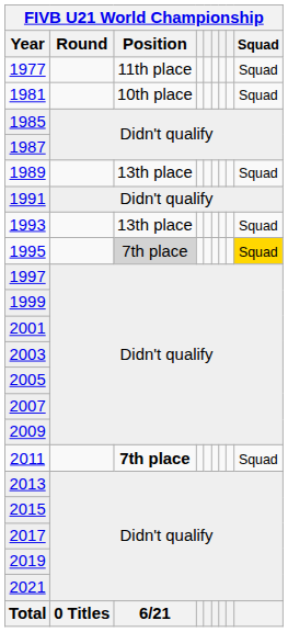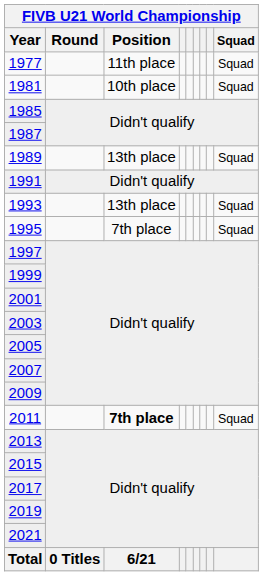 <table class="wikitable" style="text-align: center;">
 <tr>
 <th colspan=9><a href='#'>FIVB U21 World Championship</a></th>
 </tr>
 <tr>
 <th>Year</th>
 <th>Round</th>
 <th>Position</th>
 <th></th>
 <th></th>
 <th></th>
 <th></th>
 <th></th>
 <th><small>Squad</small></th>
 </tr>
 <tr bgcolor=>
 <td> <a href='#'>1977</a></td>
 <td></td>
 <td>11th place</td>
 <td></td>
 <td></td>
 <td></td>
 <td></td>
 <td></td>
 <td><small>Squad</small></td>
 </tr>
 <tr bgcolor=>
 <td> <a href='#'>1981</a></td>
 <td></td>
 <td>10th place</td>
 <td></td>
 <td></td>
 <td></td>
 <td></td>
 <td></td>
 <td><small>Squad</small></td>
 </tr>
 <tr bgcolor="efefef">
 <td> <a href='#'>1985</a></td>
 <td colspan=9 rowspan=2>Didn't qualify</td>
 </tr>
 <tr bgcolor="efefef">
 <td> <a href='#'>1987</a></td>
 </tr>
 <tr bgcolor=>
 <td> <a href='#'>1989</a></td>
 <td></td>
 <td>13th place</td>
 <td></td>
 <td></td>
 <td></td>
 <td></td>
 <td></td>
 <td><small>Squad</small></td>
 </tr>
 <tr bgcolor="efefef">
 <td> <a href='#'>1991</a></td>
 <td colspan=9>Didn't qualify</td>
 </tr>
 <tr bgcolor=>
 <td> <a href='#'>1993</a></td>
 <td></td>
 <td>13th place</td>
 <td></td>
 <td></td>
 <td></td>
 <td></td>
 <td></td>
 <td><small>Squad</small></td>
 </tr>
 <tr>
 <td> <a href='#'>1995</a></td>
 <td></td>
-<td style="background: lightgrey;">7th place</td>
+<td>7th place</td>
 <td></td>
 <td></td>
 <td></td>
 <td></td>
 <td></td>
-<td style="background: gold;"><small>Squad</small></td>
+<td><small>Squad</small></td>
 </tr>
 <tr bgcolor="efefef">
 <td> <a href='#'>1997</a></td>
 <td colspan=9 rowspan=7>Didn't qualify</td>
 </tr>
 <tr bgcolor="efefef">
 <td> <a href='#'>1999</a></td>
 </tr>
 <tr bgcolor="efefef">
 <td> <a href='#'>2001</a></td>
 </tr>
 <tr bgcolor="efefef">
 <td> <a href='#'>2003</a></td>
 </tr>
 <tr bgcolor="efefef">
 <td> <a href='#'>2005</a></td>
 </tr>
 <tr bgcolor="efefef">
 <td> <a href='#'>2007</a></td>
 </tr>
 <tr bgcolor="efefef">
 <td> <a href='#'>2009</a></td>
 </tr>
 <tr bgcolor=>
 <td> <a href='#'>2011</a></td>
 <td></td>
 <td><strong>7th place</strong></td>
 <td></td>
 <td></td>
 <td></td>
 <td></td>
 <td></td>
 <td><small>Squad</small></td>
 </tr>
 <tr bgcolor="efefef">
 <td> <a href='#'>2013</a></td>
 <td colspan=9 rowspan=5>Didn't qualify</td>
 </tr>
 <tr bgcolor="efefef">
 <td> <a href='#'>2015</a></td>
 </tr>
 <tr bgcolor="efefef">
 <td> <a href='#'>2017</a></td>
 </tr>
 <tr bgcolor="efefef">
 <td> <a href='#'>2019</a></td>
 </tr>
 <tr bgcolor="efefef">
 <td>  <a href='#'>2021</a></td>
 </tr>
 <tr>
 <th>Total</th>
 <th>0 Titles</th>
 <th>6/21</th>
 <th></th>
 <th></th>
 <th></th>
 <th></th>
 <th></th>
 <th></th>
 </tr>
 </table>
